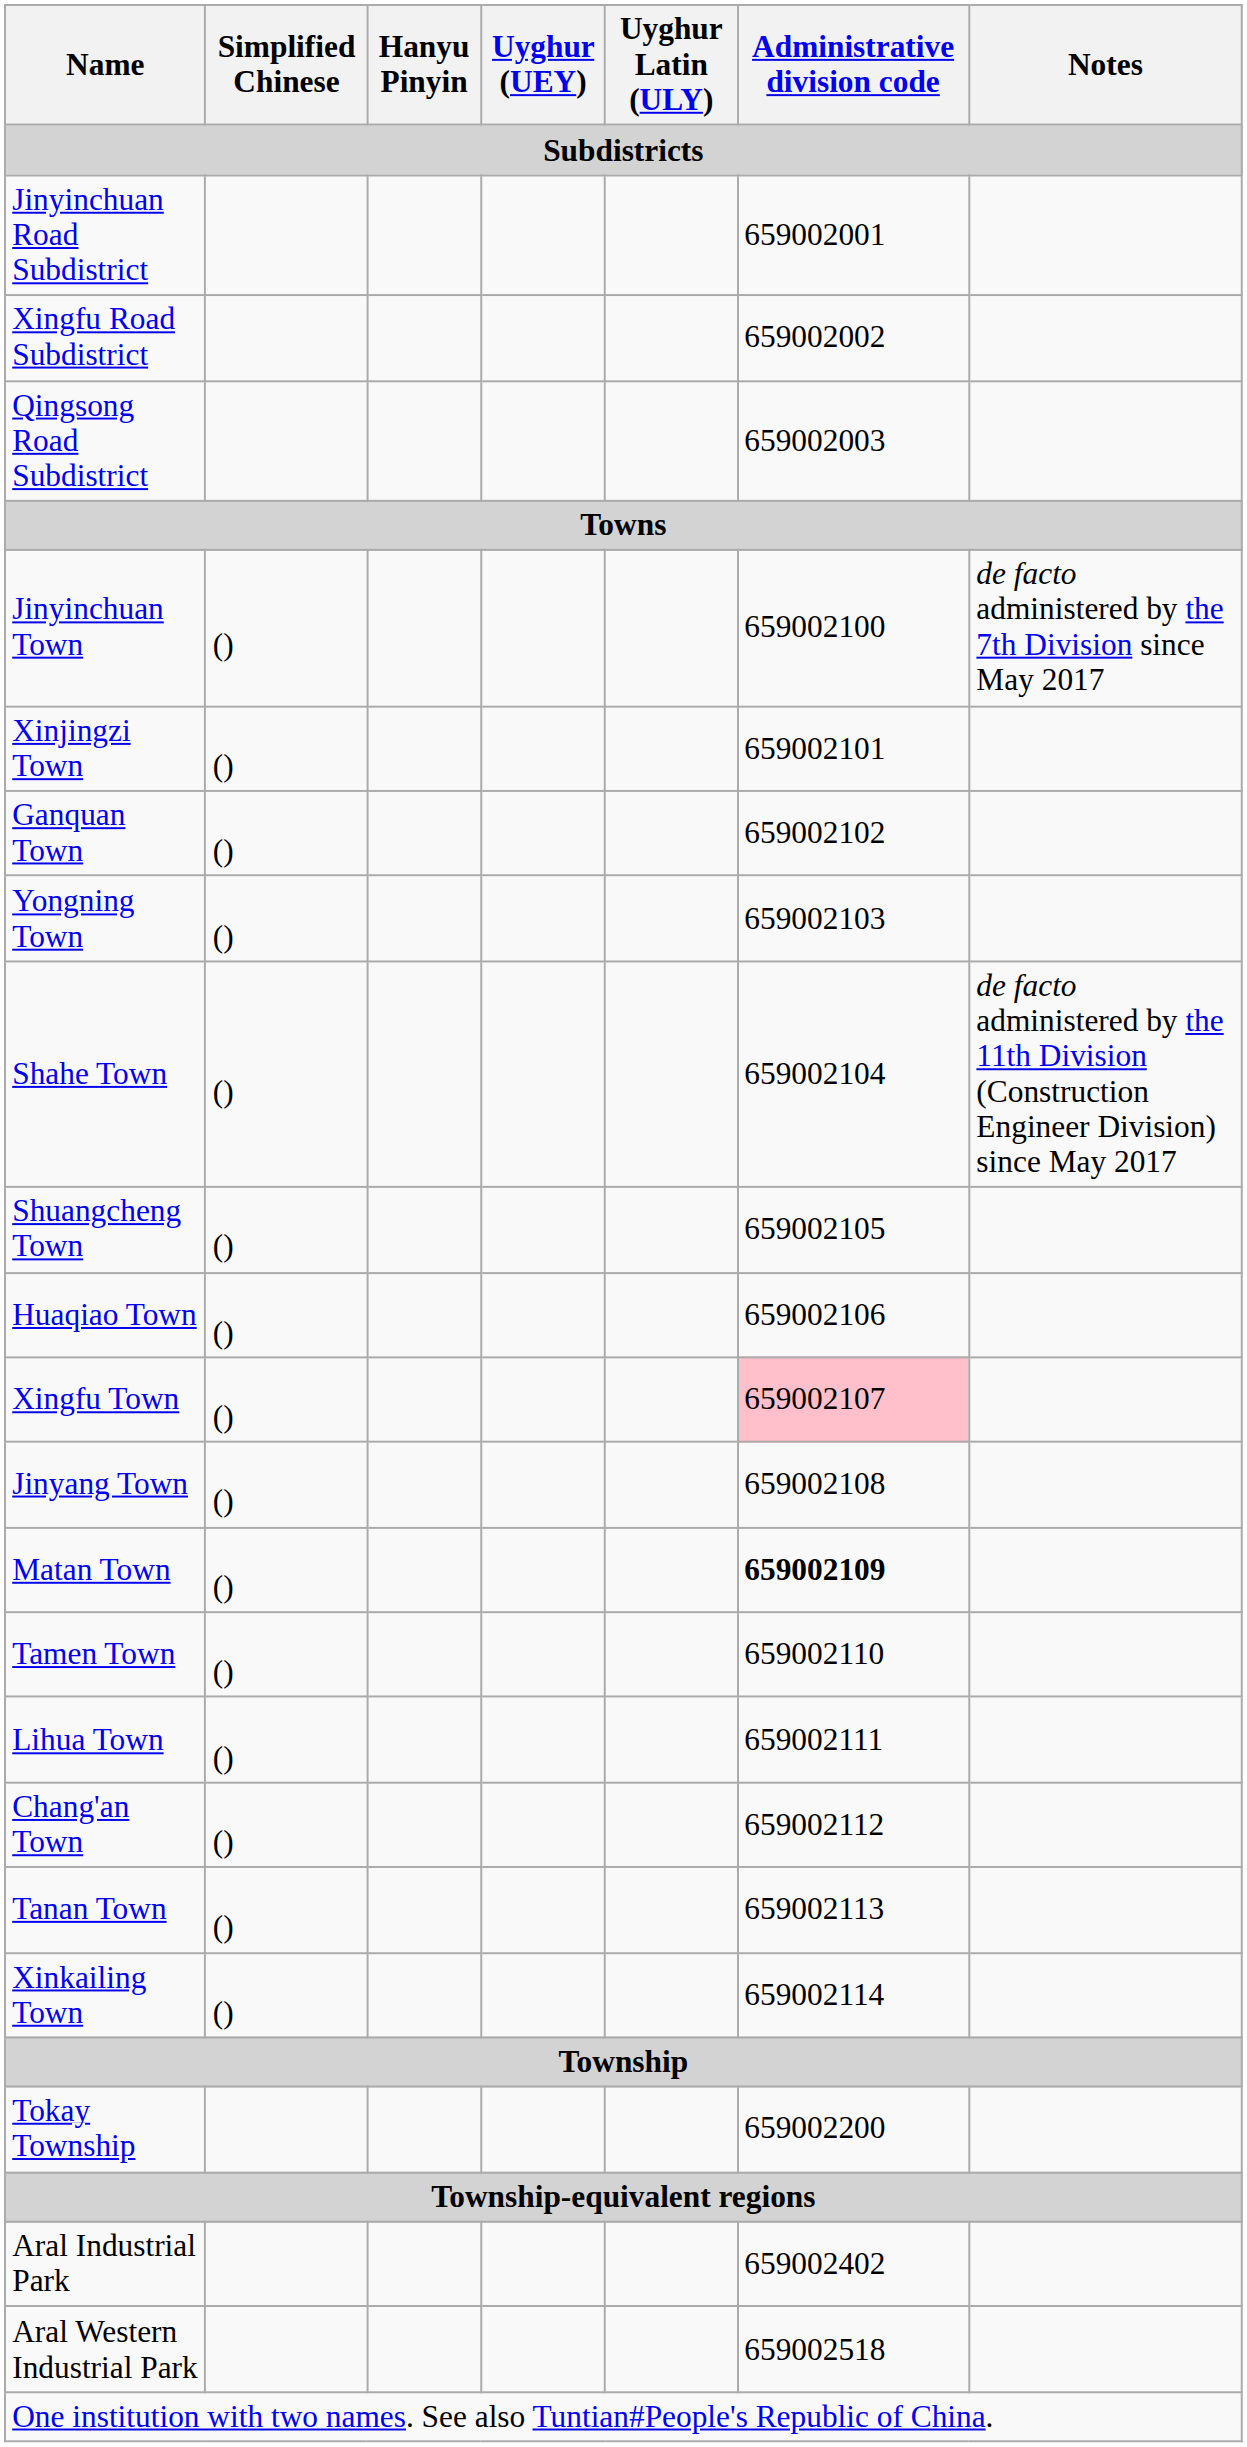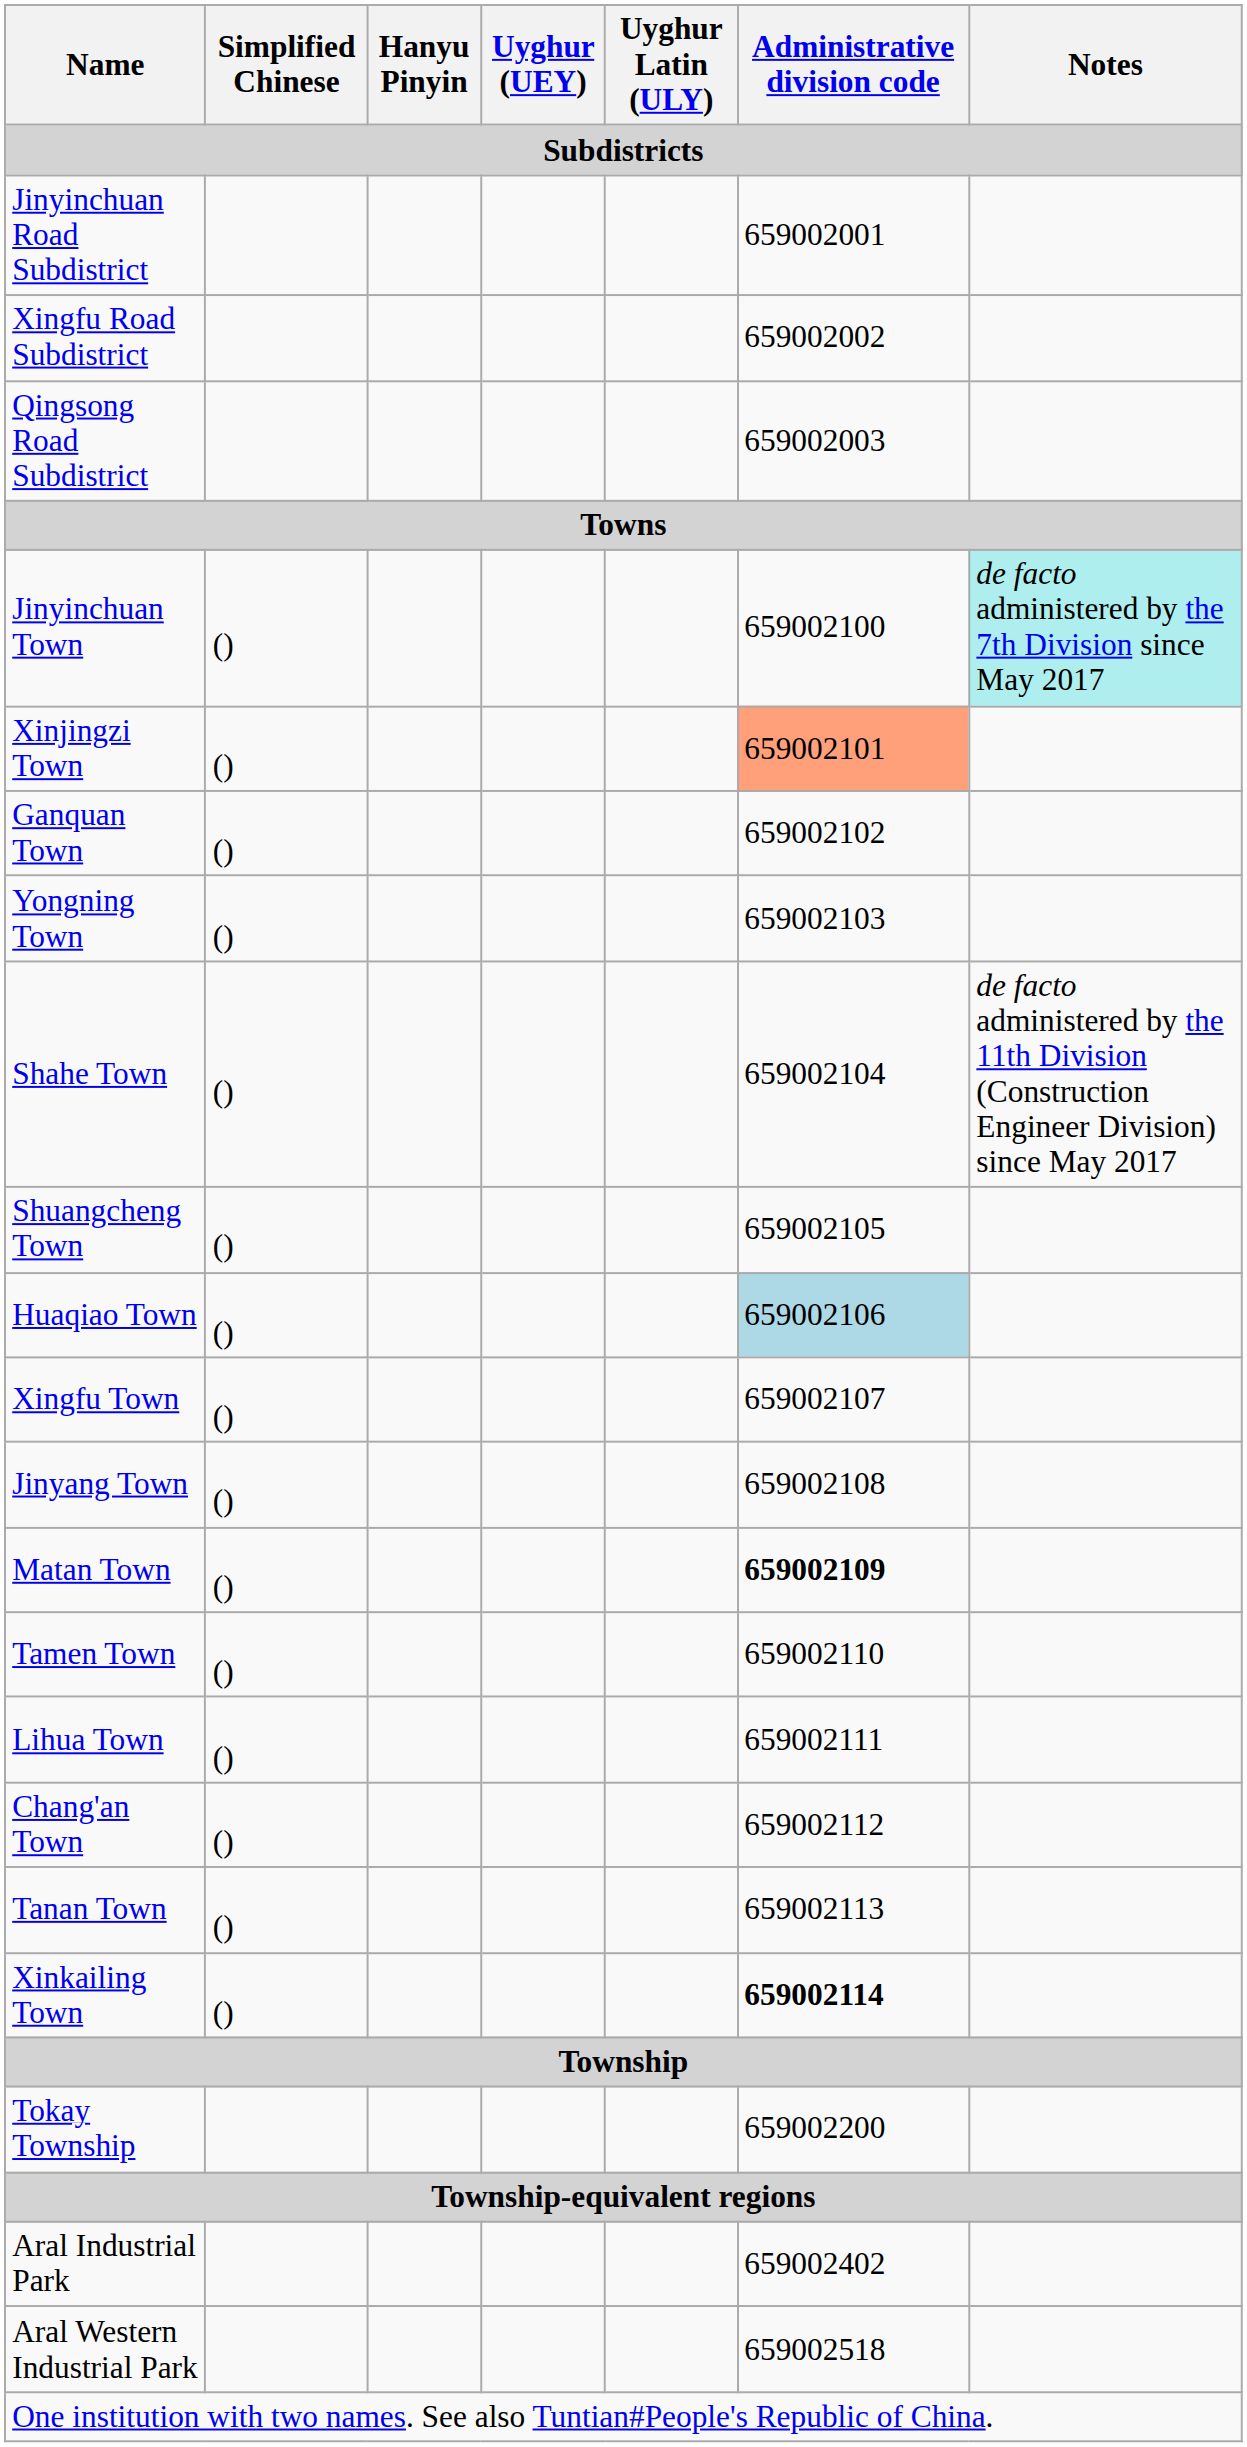 <table class="wikitable" align="center" style="width:50%; border="1">
 <tr>
 <th>Name</th>
 <th>Simplified Chinese</th>
 <th>Hanyu Pinyin</th>
 <th><a href='#'>Uyghur</a> (<a href='#'>UEY</a>)</th>
 <th>Uyghur Latin (<a href='#'>ULY</a>)</th>
 <th><a href='#'>Administrative division code</a></th>
 <th>Notes</th>
 </tr>
 <tr>
 <td colspan="8"  style="text-align:center; background:#d3d3d3;"><strong>Subdistricts</strong></td>
 </tr>
 <tr --------->
 <td><a href='#'>Jinyinchuan Road Subdistrict</a></td>
 <td></td>
 <td></td>
 <td></td>
 <td></td>
 <td>659002001</td>
 <td></td>
 </tr>
 <tr>
 <td><a href='#'>Xingfu Road Subdistrict</a></td>
 <td></td>
 <td></td>
 <td></td>
 <td></td>
 <td>659002002</td>
 <td></td>
 </tr>
 <tr>
 <td><a href='#'>Qingsong Road Subdistrict</a></td>
 <td></td>
 <td></td>
 <td></td>
 <td></td>
 <td>659002003</td>
 <td></td>
 </tr>
 <tr --------->
 <td colspan="8"  style="text-align:center; background:#d3d3d3;"><strong>Towns</strong></td>
 </tr>
 <tr --------->
 <td><a href='#'>Jinyinchuan Town</a><br></td>
 <td><br>()</td>
 <td></td>
 <td></td>
 <td></td>
 <td>659002100</td>
-<td><em>de facto</em> administered by <a href='#'>the 7th Division</a> since May 2017</td>
+<td style="background: paleturquoise;"><em>de facto</em> administered by <a href='#'>the 7th Division</a> since May 2017</td>
 </tr>
 <tr>
 <td><a href='#'>Xinjingzi Town</a><br></td>
 <td><br>()</td>
 <td></td>
 <td></td>
 <td></td>
-<td>659002101</td>
+<td style="background: lightsalmon;">659002101</td>
 <td></td>
 </tr>
 <tr>
 <td><a href='#'>Ganquan Town</a><br></td>
 <td><br>()</td>
 <td></td>
 <td></td>
 <td></td>
 <td>659002102</td>
 <td></td>
 </tr>
 <tr>
 <td><a href='#'>Yongning Town</a><br></td>
 <td><br>()</td>
 <td></td>
 <td></td>
 <td></td>
 <td>659002103</td>
 <td></td>
 </tr>
 <tr>
 <td><a href='#'>Shahe Town</a><br></td>
 <td><br>()</td>
 <td></td>
 <td></td>
 <td></td>
 <td>659002104</td>
 <td><em>de facto</em> administered by <a href='#'>the 11th Division</a> (Construction Engineer Division) since May 2017</td>
 </tr>
 <tr>
 <td><a href='#'>Shuangcheng Town</a><br></td>
 <td><br>()</td>
 <td></td>
 <td></td>
 <td></td>
 <td>659002105</td>
 <td></td>
 </tr>
 <tr>
 <td><a href='#'>Huaqiao Town</a><br></td>
 <td><br>()</td>
 <td></td>
 <td></td>
 <td></td>
-<td>659002106</td>
+<td style="background: lightblue;">659002106</td>
 <td></td>
 </tr>
 <tr>
 <td><a href='#'>Xingfu Town</a><br></td>
 <td><br>()</td>
 <td></td>
 <td></td>
 <td></td>
-<td style="background: pink;">659002107</td>
+<td>659002107</td>
 <td></td>
 </tr>
 <tr>
 <td><a href='#'>Jinyang Town</a><br></td>
 <td><br>()</td>
 <td></td>
 <td></td>
 <td></td>
 <td>659002108</td>
 <td></td>
 </tr>
 <tr>
 <td><a href='#'>Matan Town</a><br></td>
 <td><br>()</td>
 <td></td>
 <td></td>
 <td></td>
 <td><strong>659002109</strong></td>
 <td></td>
 </tr>
 <tr>
 <td><a href='#'>Tamen Town</a><br></td>
 <td><br>()</td>
 <td></td>
 <td></td>
 <td></td>
 <td>659002110</td>
 <td></td>
 </tr>
 <tr>
 <td><a href='#'>Lihua Town</a><br></td>
 <td><br>()</td>
 <td></td>
 <td></td>
 <td></td>
 <td>659002111</td>
 <td></td>
 </tr>
 <tr>
 <td><a href='#'>Chang'an Town</a><br></td>
 <td><br>()</td>
 <td></td>
 <td></td>
 <td></td>
 <td>659002112</td>
 <td></td>
 </tr>
 <tr>
 <td><a href='#'>Tanan Town</a><br></td>
 <td><br>()</td>
 <td></td>
 <td></td>
 <td></td>
 <td>659002113</td>
 <td></td>
 </tr>
 <tr>
 <td><a href='#'>Xinkailing Town</a><br></td>
 <td><br>()</td>
 <td></td>
 <td></td>
 <td></td>
-<td>659002114</td>
+<td><strong>659002114</strong></td>
 <td></td>
 </tr>
 <tr --------->
 <td colspan="7"  style="text-align:center; background:#d3d3d3;"><strong>Township</strong></td>
 </tr>
 <tr --------->
 <td><a href='#'>Tokay Township</a></td>
 <td></td>
 <td></td>
 <td></td>
 <td></td>
 <td>659002200</td>
 <td></td>
 </tr>
 <tr --------->
 <td colspan="8"  style="text-align:center; background:#d3d3d3;"><strong>Township-equivalent regions</strong></td>
 </tr>
 <tr --------->
 <td>Aral Industrial Park</td>
 <td></td>
 <td></td>
 <td></td>
 <td></td>
 <td>659002402</td>
 <td></td>
 </tr>
 <tr>
 <td>Aral Western Industrial Park</td>
 <td></td>
 <td></td>
 <td></td>
 <td></td>
 <td>659002518</td>
 <td></td>
 </tr>
 <tr --------->
 <td colspan="8"><div> <a href='#'>One institution with two names</a>. See also <a href='#'>Tuntian#People's Republic of China</a>.<br></div></td>
 </tr>
 </table>
